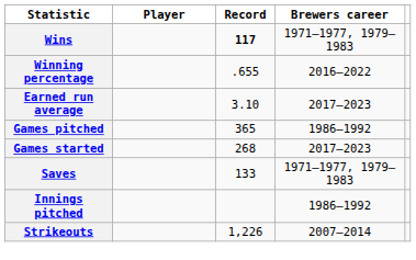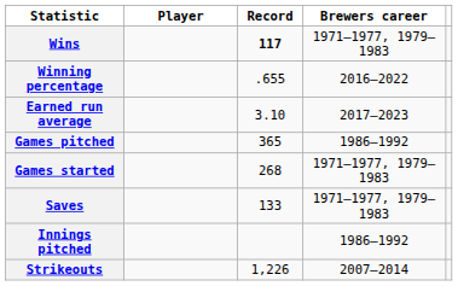 <table class="sortable wikitable plainrowheaders" style="text-align:center">
 <tr>
 <th width="115px" scope="col" style="background-color:#ffffff; border-top:#">Statistic</th>
 <th width="110px" scope="col" style="background-color:#ffffff; border-top:#">Player</th>
 <th width="60px" class="unsortable" scope="col" style="background-color:#ffffff; border-top:#">Record</th>
 <th width="140px" scope="col" style="background-color:#ffffff; border-top:#">Brewers career</th>
 <th class="unsortable" scope="col" style="background-color:#ffffff; border-top:#"></th>
 </tr>
 <tr>
 <th scope="row" style="text-align:center"><a href='#'>Wins</a></th>
 <td></td>
 <td><strong>117</strong></td>
 <td>1971–1977, 1979–1983</td>
 <td></td>
 </tr>
 <tr>
 <th scope="row" style="text-align:center"><a href='#'>Winning percentage</a></th>
 <td></td>
 <td>.655</td>
 <td>2016–2022</td>
 <td></td>
 </tr>
 <tr>
 <th scope="row" style="text-align:center"><a href='#'>Earned run average</a></th>
 <td></td>
 <td>3.10</td>
 <td>2017–2023</td>
 <td></td>
 </tr>
 <tr>
 <th scope="row" style="text-align:center"><a href='#'>Games pitched</a></th>
 <td></td>
 <td>365</td>
 <td>1986–1992</td>
 <td></td>
 </tr>
 <tr>
 <th scope="row" style="text-align:center"><a href='#'>Games started</a></th>
 <td></td>
 <td>268</td>
-<td>2017–2023</td>
+<td>1971–1977, 1979–1983</td>
 <td></td>
 </tr>
 <tr>
 <th scope="row" style="text-align:center"><a href='#'>Saves</a></th>
 <td></td>
 <td>133</td>
 <td>1971–1977, 1979–1983</td>
 <td></td>
 </tr>
 <tr>
 <th scope="row" style="text-align:center"><a href='#'>Innings pitched</a></th>
 <td></td>
 <td></td>
 <td>1986–1992</td>
 <td></td>
 </tr>
 <tr>
 <th scope="row" style="text-align:center"><a href='#'>Strikeouts</a></th>
 <td></td>
 <td>1,226</td>
 <td>2007–2014</td>
 <td></td>
 </tr>
 </table>
